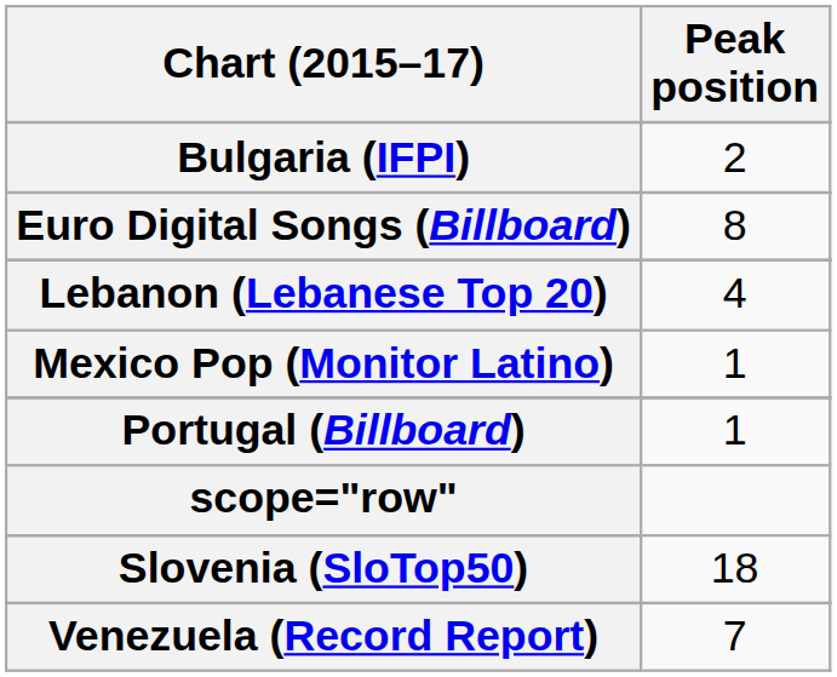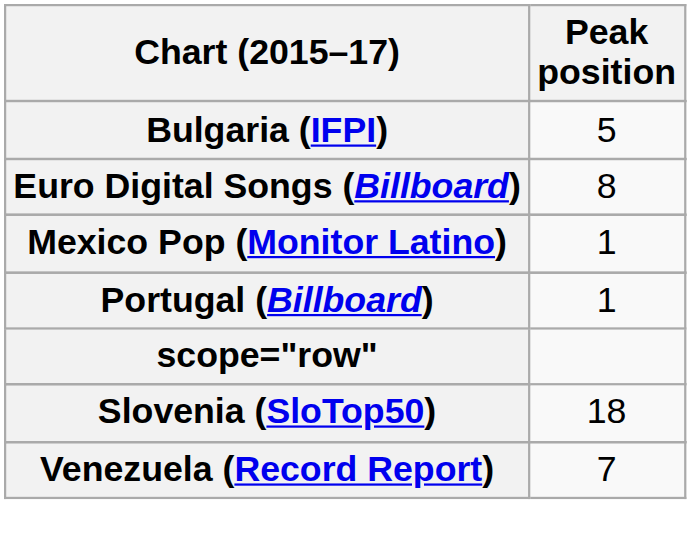 <table class="wikitable sortable plainrowheaders" style="text-align:center;">
 <tr>
 <th>Chart (2015–17)</th>
 <th>Peak<br>position</th>
 </tr>
 <tr>
 </tr>
 <tr>
 </tr>
 <tr>
 </tr>
 <tr>
 <th scope="row">Bulgaria (<a href='#'>IFPI</a>)</th>
-<td>2</td>
+<td>5</td>
 </tr>
 <tr>
 </tr>
 <tr>
 </tr>
 <tr>
 </tr>
 <tr>
 <th scope="row">Euro Digital Songs (<em><a href='#'>Billboard</a></em>)</th>
 <td>8</td>
 </tr>
 <tr>
 </tr>
 <tr>
 </tr>
 <tr>
 </tr>
 <tr>
 </tr>
 <tr>
 </tr>
 <tr>
-</tr>
-<tr>
-<th scope="row">Lebanon (<a href='#'>Lebanese Top 20</a>)</th>
-<td>4</td>
 </tr>
 <tr>
 <th scope="row">Mexico Pop (<a href='#'>Monitor Latino</a>)</th>
 <td>1</td>
 </tr>
 <tr>
 </tr>
 <tr>
 </tr>
 <tr>
 </tr>
 <tr>
 <th scope="row">Portugal (<em><a href='#'>Billboard</a></em>)</th>
 <td>1</td>
 </tr>
 <tr>
 <th>scope="row"</th>
 </tr>
 <tr>
 </tr>
 <tr>
 <th scope="row">Slovenia (<a href='#'>SloTop50</a>)</th>
 <td>18</td>
 </tr>
 <tr>
 </tr>
 <tr>
 </tr>
 <tr>
 </tr>
 <tr>
 </tr>
 <tr>
 </tr>
 <tr>
 </tr>
 <tr>
 </tr>
 <tr>
 </tr>
 <tr>
 <th scope=row>Venezuela (<a href='#'>Record Report</a>)</th>
 <td>7</td>
 </tr>
 </table>
